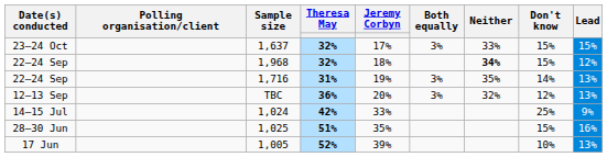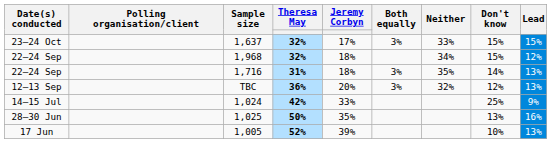 <table class="wikitable collapsible sortable" style="text-align:center;font-size:95%;line-height:14px">
 <tr>
 <th style="width:80px;" rowspan="2">Date(s)<br>conducted</th>
 <th style="width:200px;" rowspan="2">Polling organisation/client</th>
 <th style="width:60px;" rowspan="2">Sample size</th>
 <th style="width:60px;" class="unsortable"><a href='#'>Theresa May</a></th>
 <th style="width:60px;" class="unsortable"><a href='#'>Jeremy Corbyn</a></th>
 <th style="width:60px;" rowspan="2" class="unsortable">Both equally</th>
 <th style="width:60px;" rowspan="2" class="unsortable">Neither</th>
 <th style="width:60px;" rowspan="2" class="unsortable">Don't know</th>
 <th class="unsortable" style="width:20px;" rowspan="2">Lead</th>
 </tr>
 <tr>
 <th class="unsortable" style="color:inherit;background:"></th>
 <th class="unsortable" style="color:inherit;background:"></th>
 </tr>
 <tr>
 <td>23–24 Oct</td>
 <td></td>
 <td>1,637</td>
 <td style="background:#B3E0FF"><strong>32%</strong></td>
 <td>17%</td>
 <td>3%</td>
 <td>33%</td>
 <td>15%</td>
 <td style="background:#0087DC; color:white;">15%</td>
 </tr>
 <tr>
 <td>22–24 Sep</td>
 <td></td>
 <td>1,968</td>
 <td style="background:#B3E0FF"><strong>32%</strong></td>
 <td>18%</td>
 <td></td>
-<td><strong>34%</strong></td>
+<td>34%</td>
 <td>15%</td>
 <td style="background:#0087DC; color:white;">12%</td>
 </tr>
 <tr>
 <td>22–24 Sep</td>
 <td></td>
 <td>1,716</td>
 <td style="background:#B3E0FF"><strong>31%</strong></td>
-<td>19%</td>
+<td>18%</td>
 <td>3%</td>
 <td>35%</td>
 <td>14%</td>
 <td style="background:#0087DC; color:white;">13%</td>
 </tr>
 <tr>
 <td>12–13 Sep</td>
 <td></td>
 <td>TBC</td>
 <td style="background:#B3E0FF"><strong>36%</strong></td>
 <td>20%</td>
 <td>3%</td>
 <td>32%</td>
 <td>12%</td>
 <td style="background:#0087DC; color:white;">13%</td>
 </tr>
 <tr>
 <td>14–15 Jul</td>
 <td></td>
 <td>1,024</td>
 <td style="background:#B3E0FF"><strong>42%</strong></td>
 <td>33%</td>
 <td></td>
 <td></td>
 <td>25%</td>
 <td style="background:#0087DC; color:white;">9%</td>
 </tr>
 <tr>
 <td>28–30 Jun</td>
 <td></td>
 <td>1,025</td>
-<td style="background:#B3E0FF"><strong>51%</strong></td>
+<td style="background:#B3E0FF"><strong>50%</strong></td>
 <td>35%</td>
 <td></td>
 <td></td>
-<td>15%</td>
+<td>13%</td>
 <td style="background:#0087DC; color:white;">16%</td>
 </tr>
 <tr>
 <td>17 Jun</td>
 <td></td>
 <td>1,005</td>
 <td style="background:#B3E0FF"><strong>52%</strong></td>
 <td>39%</td>
 <td></td>
 <td></td>
 <td>10%</td>
 <td style="background:#0087DC; color:white;">13%</td>
 </tr>
 </table>
